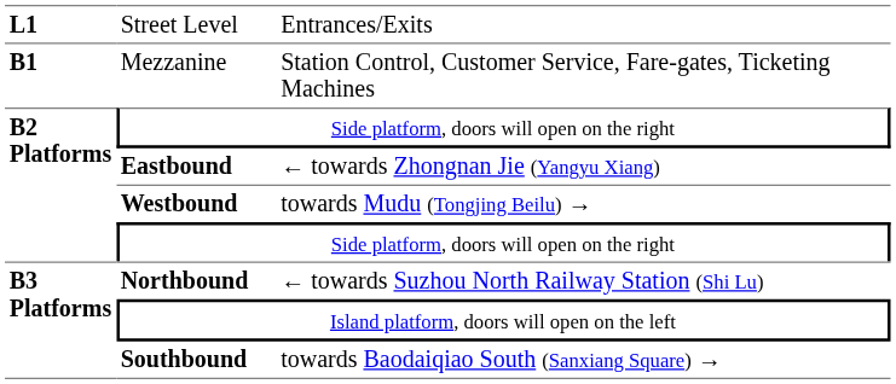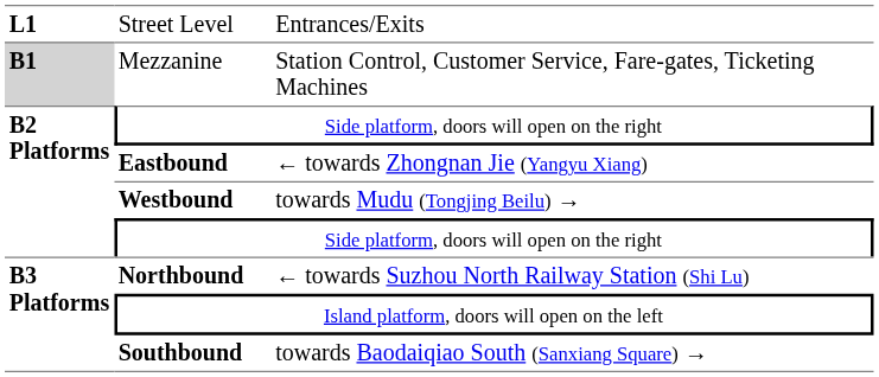 <table table border=0 cellspacing=0 cellpadding=3>
 <tr>
 <td style="border-top:solid 1px gray;" width=50 valign=top><strong>L1</strong></td>
 <td style="border-top:solid 1px gray;" width=100 valign=top>Street Level</td>
 <td style="border-top:solid 1px gray;" width=400 valign=top>Entrances/Exits</td>
 </tr>
 <tr>
-<td style="border-top:solid 1px gray;" width=50 valign=top><strong>B1</strong></td>
+<td style="background: lightgrey; border-top:solid 1px gray;" width=50 valign=top><strong>B1</strong></td>
 <td style="border-top:solid 1px gray;" width=100 valign=top>Mezzanine</td>
 <td style="border-top:solid 1px gray;" width=400 valign=top>Station Control, Customer Service, Fare-gates, Ticketing Machines</td>
 </tr>
 <tr>
 <td style="border-top:solid 1px gray;" rowspan=4 valign=top><strong>B2<br>Platforms</strong></td>
 <td style="border-top:solid 1px gray;border-right:solid 2px black;border-left:solid 2px black;border-bottom:solid 2px black;text-align:center;" colspan=2><small><a href='#'>Side platform</a>, doors will open on the right</small></td>
 </tr>
 <tr>
 <td width=100 valign=top><strong>Eastbound</strong></td>
 <td width=400 valign=top>←  towards <a href='#'>Zhongnan Jie</a> <small>(<a href='#'>Yangyu Xiang</a>)</small></td>
 </tr>
 <tr>
 <td style="border-top:solid 1px gray;"><strong>Westbound</strong></td>
 <td style="border-top:solid 1px gray;"> towards <a href='#'>Mudu</a> <small>(<a href='#'>Tongjing Beilu</a>)</small> →</td>
 </tr>
 <tr>
 <td style="border-right:solid 2px black;border-left:solid 2px black;border-top:solid 2px black;text-align:center;" colspan=2><small><a href='#'>Side platform</a>, doors will open on the right</small></td>
 </tr>
 <tr>
 <td style="border-top:solid 1px gray;border-bottom:solid 1px gray;" rowspan=3 valign=top><strong>B3<br>Platforms</strong></td>
 <td style="border-top:solid 1px gray;"><strong>Northbound</strong></td>
 <td style="border-top:solid 1px gray;">←  towards <a href='#'>Suzhou North Railway Station</a> <small>(<a href='#'>Shi Lu</a>)</small></td>
 </tr>
 <tr>
 <td style="border-top:solid 2px black;border-right:solid 2px black;border-left:solid 2px black;border-bottom:solid 2px black;text-align:center;" colspan=2><small><a href='#'>Island platform</a>, doors will open on the left</small></td>
 </tr>
 <tr>
 <td style="border-bottom:solid 1px gray;"><strong>Southbound</strong></td>
 <td style="border-bottom:solid 1px gray;"> towards <a href='#'>Baodaiqiao South</a> <small>(<a href='#'>Sanxiang Square</a>)</small> →</td>
 </tr>
 </table>
